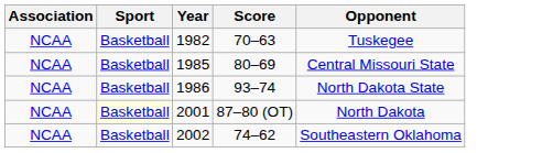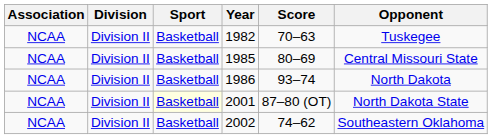 <table class="wikitable" style="text-align:center">
 <tr>
 <th>Association</th>
+<th>Division</th>
 <th>Sport</th>
 <th>Year</th>
 <th>Score</th>
 <th>Opponent</th>
 </tr>
 <tr align="center">
 <td rowspan="1"><a href='#'>NCAA</a></td>
+<td rowspan="1"><a href='#'>Division II</a></td>
 <td rowspan="1"><a href='#'>Basketball</a></td>
 <td>1982</td>
 <td>70–63</td>
 <td><a href='#'>Tuskegee</a></td>
 </tr>
 <tr align="center">
 <td rowspan="1"><a href='#'>NCAA</a></td>
+<td rowspan="1"><a href='#'>Division II</a></td>
 <td rowspan="1"><a href='#'>Basketball</a></td>
 <td>1985</td>
 <td>80–69</td>
 <td><a href='#'>Central Missouri State</a></td>
 </tr>
 <tr align="center">
 <td rowspan="1"><a href='#'>NCAA</a></td>
+<td rowspan="1"><a href='#'>Division II</a></td>
 <td rowspan="1"><a href='#'>Basketball</a></td>
 <td>1986</td>
 <td>93–74</td>
+<td><a href='#'>North Dakota</a></td>
+</tr>
+<tr align="center">
+<td rowspan="1"><a href='#'>NCAA</a></td>
+<td rowspan="1"><a href='#'>Division II</a></td>
+<td rowspan="1" style="background: lightyellow;"><a href='#'>Basketball</a></td>
+<td>2001</td>
+<td>87–80 (OT)</td>
 <td><a href='#'>North Dakota State</a></td>
 </tr>
 <tr align="center">
 <td rowspan="1"><a href='#'>NCAA</a></td>
-<td rowspan="1" style="background: lightyellow;"><a href='#'>Basketball</a></td>
-<td>2001</td>
-<td>87–80 (OT)</td>
-<td><a href='#'>North Dakota</a></td>
-</tr>
-<tr align="center">
-<td rowspan="1"><a href='#'>NCAA</a></td>
+<td rowspan="1"><a href='#'>Division II</a></td>
 <td rowspan="1"><a href='#'>Basketball</a></td>
 <td>2002</td>
 <td>74–62</td>
 <td><a href='#'>Southeastern Oklahoma</a></td>
 </tr>
 </table>
